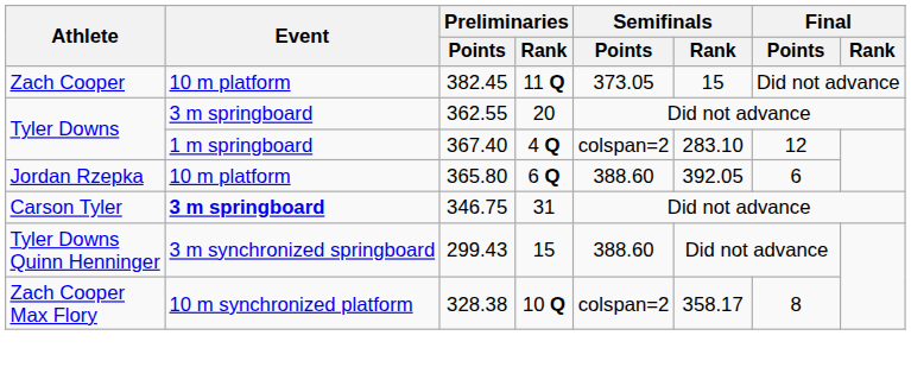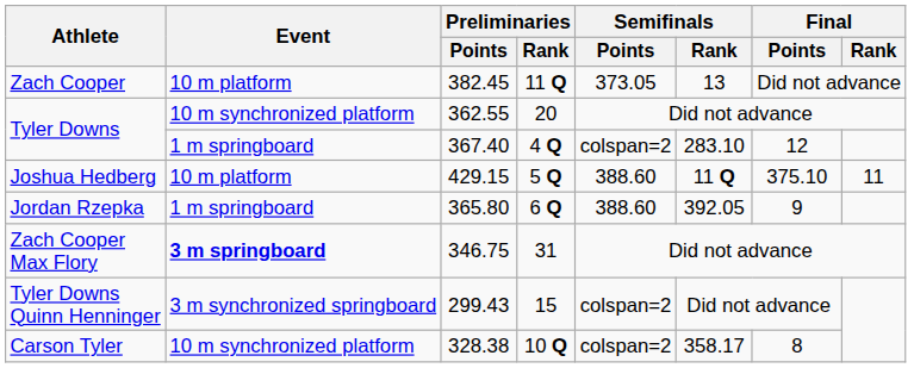 <table class="wikitable" style="font-size:90%">
 <tr>
 <th rowspan="2">Athlete</th>
 <th rowspan="2">Event</th>
 <th colspan="2">Preliminaries</th>
 <th colspan="2">Semifinals</th>
 <th colspan="2">Final</th>
 </tr>
 <tr style="font-size:95%">
 <th>Points</th>
 <th>Rank</th>
 <th>Points</th>
 <th>Rank</th>
 <th>Points</th>
 <th>Rank</th>
 </tr>
 <tr align="center">
 <td align="left"><a href='#'>Zach Cooper</a></td>
 <td align="left"><a href='#'>10 m platform</a></td>
 <td>382.45</td>
 <td>11 <strong>Q</strong></td>
 <td>373.05</td>
-<td>15</td>
+<td>13</td>
 <td colspan="2">Did not advance</td>
 </tr>
 <tr align="center">
 <td rowspan="2" align="left"><a href='#'>Tyler Downs</a></td>
-<td align="left"><a href='#'>3 m springboard</a></td>
+<td align="left"><a href='#'>10 m synchronized platform</a></td>
 <td>362.55</td>
 <td>20</td>
 <td colspan="4">Did not advance</td>
 </tr>
 <tr align="center">
 <td align="left"><a href='#'>1 m springboard</a></td>
 <td>367.40</td>
 <td>4 <strong>Q</strong></td>
 <td>colspan=2 </td>
 <td>283.10</td>
 <td>12</td>
 </tr>
 <tr align="center">
+<td align="left"><a href='#'>Joshua Hedberg</a></td>
+<td align="left"><a href='#'>10 m platform</a></td>
+<td>429.15</td>
+<td>5 <strong>Q</strong></td>
+<td>388.60</td>
+<td>11 <strong>Q</strong></td>
+<td>375.10</td>
+<td>11</td>
+</tr>
+<tr align="center">
 <td align="left"><a href='#'>Jordan Rzepka</a></td>
-<td align="left"><a href='#'>10 m platform</a></td>
+<td align="left"><a href='#'>1 m springboard</a></td>
 <td>365.80</td>
 <td>6 <strong>Q</strong></td>
 <td>388.60</td>
 <td>392.05</td>
-<td>6</td>
+<td>9</td>
 </tr>
 <tr align="center">
-<td align="left"><a href='#'>Carson Tyler</a></td>
+<td align="left"><a href='#'>Zach Cooper</a><br><a href='#'>Max Flory</a></td>
 <td align="left"><strong><a href='#'>3 m springboard</a></strong></td>
 <td>346.75</td>
 <td>31</td>
 <td colspan="4">Did not advance</td>
 </tr>
 <tr align="center">
 <td align="left"><a href='#'>Tyler Downs</a><br><a href='#'>Quinn Henninger</a></td>
 <td align="left"><a href='#'>3 m synchronized springboard</a></td>
 <td>299.43</td>
 <td>15</td>
-<td>388.60</td>
+<td>colspan=2 </td>
 <td colspan="2">Did not advance</td>
 </tr>
 <tr align="center">
-<td align="left"><a href='#'>Zach Cooper</a><br><a href='#'>Max Flory</a></td>
+<td align="left"><a href='#'>Carson Tyler</a></td>
 <td align="left"><a href='#'>10 m synchronized platform</a></td>
 <td>328.38</td>
 <td>10 <strong>Q</strong></td>
 <td>colspan=2 </td>
 <td>358.17</td>
 <td>8</td>
 </tr>
 </table>
